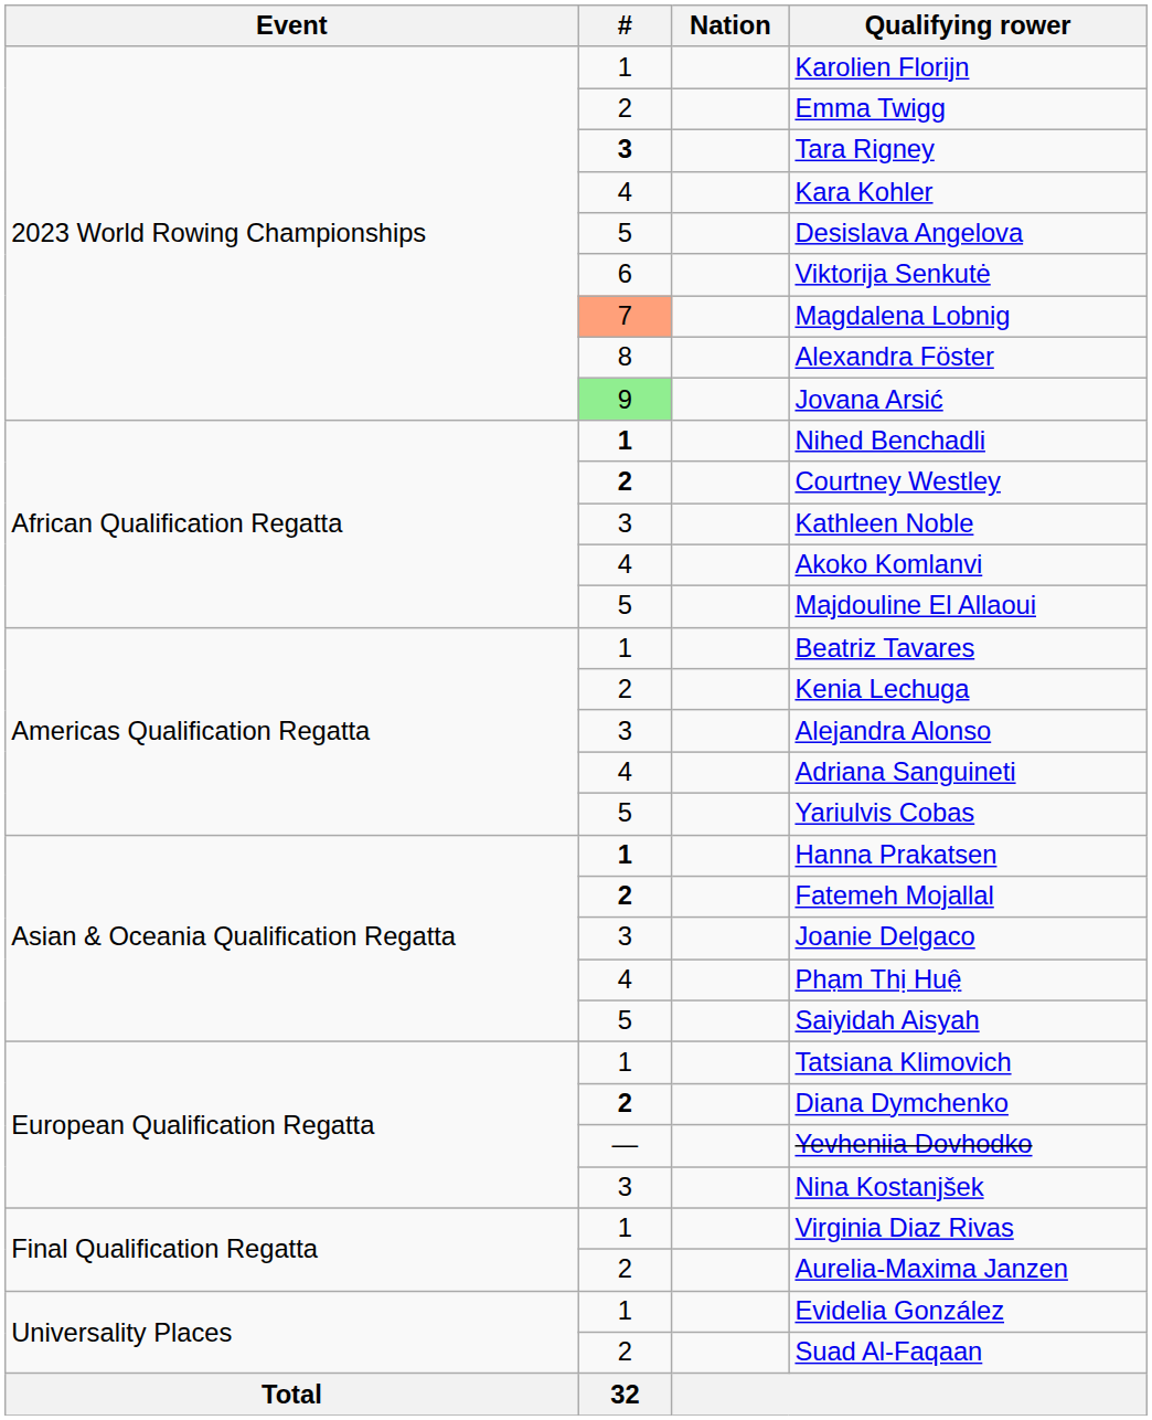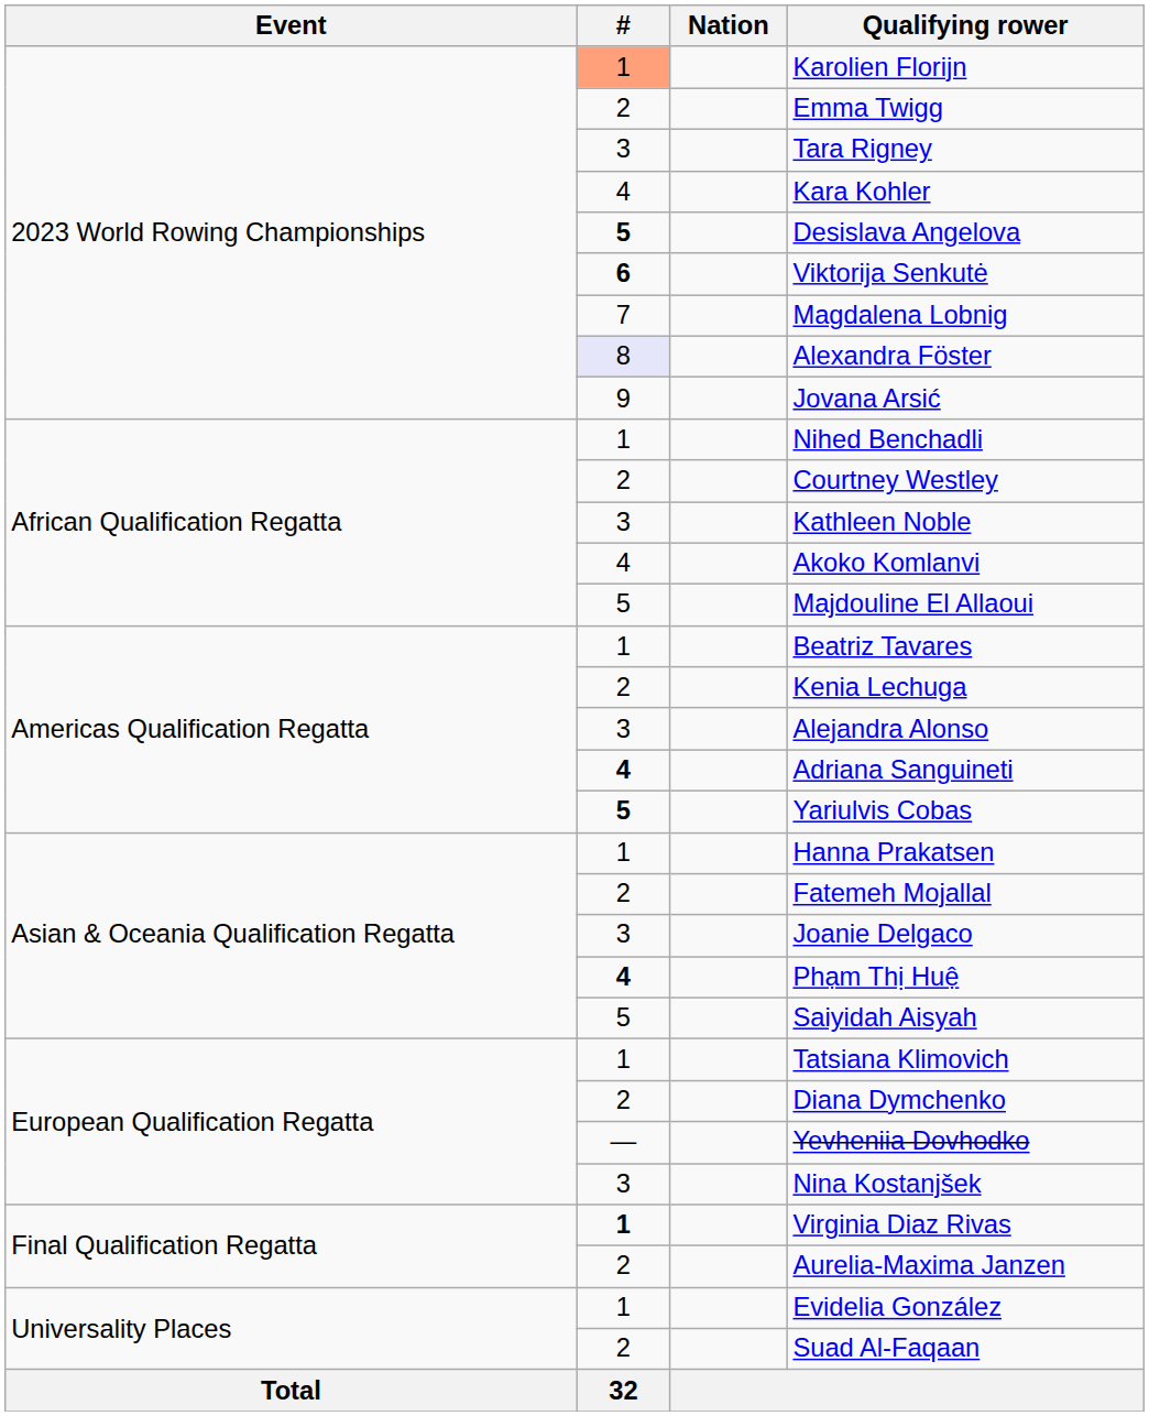 <table class="wikitable"  style="width:700px; text-align:center;">
 <tr>
 <th>Event</th>
 <th width=50>#</th>
 <th>Nation</th>
 <th>Qualifying rower</th>
 </tr>
 <tr>
 <td rowspan=9 align=left>2023 World Rowing Championships</td>
-<td>1</td>
+<td style="background: lightsalmon;">1</td>
 <td align=left></td>
 <td align=left><a href='#'>Karolien Florijn</a></td>
 </tr>
 <tr>
 <td>2</td>
 <td align=left></td>
 <td align=left><a href='#'>Emma Twigg</a></td>
 </tr>
 <tr>
-<td><strong>3</strong></td>
+<td>3</td>
 <td align=left></td>
 <td align=left><a href='#'>Tara Rigney</a></td>
 </tr>
 <tr>
 <td>4</td>
 <td align=left></td>
 <td align=left><a href='#'>Kara Kohler</a></td>
 </tr>
 <tr>
-<td>5</td>
+<td><strong>5</strong></td>
 <td align=left></td>
 <td align=left><a href='#'>Desislava Angelova</a></td>
 </tr>
 <tr>
-<td>6</td>
+<td><strong>6</strong></td>
 <td align=left></td>
 <td align=left><a href='#'>Viktorija Senkutė</a></td>
 </tr>
 <tr>
-<td style="background: lightsalmon;">7</td>
+<td>7</td>
 <td align=left></td>
 <td align=left><a href='#'>Magdalena Lobnig</a></td>
 </tr>
 <tr>
-<td>8</td>
+<td style="background: lavender;">8</td>
 <td align=left></td>
 <td align=left><a href='#'>Alexandra Föster</a></td>
 </tr>
 <tr>
-<td style="background: lightgreen;">9</td>
+<td>9</td>
 <td align=left></td>
 <td align=left><a href='#'>Jovana Arsić</a></td>
 </tr>
 <tr>
 <td rowspan=5 align=left>African Qualification Regatta</td>
-<td><strong>1</strong></td>
+<td>1</td>
 <td align=left></td>
 <td align=left><a href='#'>Nihed Benchadli</a></td>
 </tr>
 <tr>
-<td><strong>2</strong></td>
+<td>2</td>
 <td align=left></td>
 <td align=left><a href='#'>Courtney Westley</a></td>
 </tr>
 <tr>
 <td>3</td>
 <td align=left></td>
 <td align=left><a href='#'>Kathleen Noble</a></td>
 </tr>
 <tr>
 <td>4</td>
 <td align=left></td>
 <td align=left><a href='#'>Akoko Komlanvi</a></td>
 </tr>
 <tr>
 <td>5</td>
 <td align=left></td>
 <td align=left><a href='#'>Majdouline El Allaoui</a></td>
 </tr>
 <tr>
 <td rowspan=5 align=left>Americas Qualification Regatta</td>
 <td>1</td>
 <td align=left></td>
 <td align=left><a href='#'>Beatriz Tavares</a></td>
 </tr>
 <tr>
 <td>2</td>
 <td align=left></td>
 <td align=left><a href='#'>Kenia Lechuga</a></td>
 </tr>
 <tr>
 <td>3</td>
 <td align=left></td>
 <td align=left><a href='#'>Alejandra Alonso</a></td>
 </tr>
 <tr>
-<td>4</td>
+<td><strong>4</strong></td>
 <td align=left></td>
 <td align=left><a href='#'>Adriana Sanguineti</a></td>
 </tr>
 <tr>
-<td>5</td>
+<td><strong>5</strong></td>
 <td align=left></td>
 <td align=left><a href='#'>Yariulvis Cobas</a></td>
 </tr>
 <tr>
 <td rowspan=5 align=left>Asian & Oceania Qualification Regatta</td>
-<td><strong>1</strong></td>
+<td>1</td>
 <td align=left></td>
 <td align=left><a href='#'>Hanna Prakatsen</a></td>
 </tr>
 <tr>
-<td><strong>2</strong></td>
+<td>2</td>
 <td align=left></td>
 <td align=left><a href='#'>Fatemeh Mojallal</a></td>
 </tr>
 <tr>
 <td>3</td>
 <td align=left></td>
 <td align=left><a href='#'>Joanie Delgaco</a></td>
 </tr>
 <tr>
-<td>4</td>
+<td><strong>4</strong></td>
 <td align=left></td>
 <td align=left><a href='#'>Phạm Thị Huệ</a></td>
 </tr>
 <tr>
 <td>5</td>
 <td align=left></td>
 <td align=left><a href='#'>Saiyidah Aisyah</a></td>
 </tr>
 <tr>
 <td rowspan=4 align=left>European Qualification Regatta</td>
 <td>1</td>
 <td align=left></td>
 <td align=left><a href='#'>Tatsiana Klimovich</a></td>
 </tr>
 <tr>
-<td><strong>2</strong></td>
+<td>2</td>
 <td align=left></td>
 <td align=left><a href='#'>Diana Dymchenko</a></td>
 </tr>
 <tr>
 <td>—</td>
 <td align=left><s></s></td>
 <td align=left><s><a href='#'>Yevheniia Dovhodko</a></s></td>
 </tr>
 <tr>
 <td>3</td>
 <td align=left></td>
 <td align=left><a href='#'>Nina Kostanjšek</a></td>
 </tr>
 <tr>
 <td rowspan=2 align=left>Final Qualification Regatta</td>
-<td>1</td>
+<td><strong>1</strong></td>
 <td align=left></td>
 <td align=left><a href='#'>Virginia Diaz Rivas</a></td>
 </tr>
 <tr>
 <td>2</td>
 <td align=left></td>
 <td align=left><a href='#'>Aurelia-Maxima Janzen</a></td>
 </tr>
 <tr>
 <td rowspan=2 align=left>Universality Places</td>
 <td>1</td>
 <td align=left></td>
 <td align=left><a href='#'>Evidelia González</a></td>
 </tr>
 <tr>
 <td>2</td>
 <td align=left></td>
 <td align=left><a href='#'>Suad Al-Faqaan</a></td>
 </tr>
 <tr>
 <th>Total</th>
 <th>32</th>
 <th colspan=2></th>
 </tr>
 </table>
